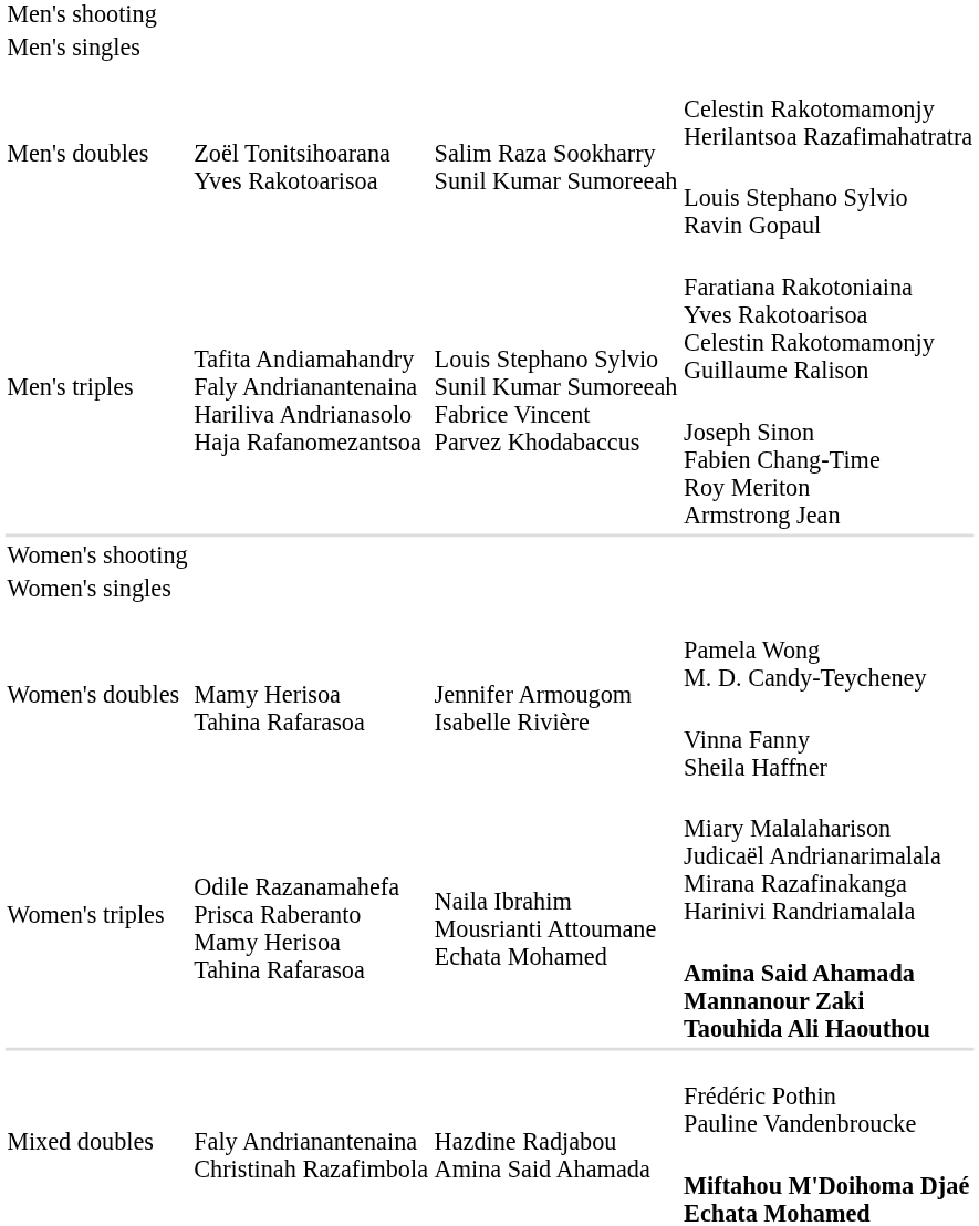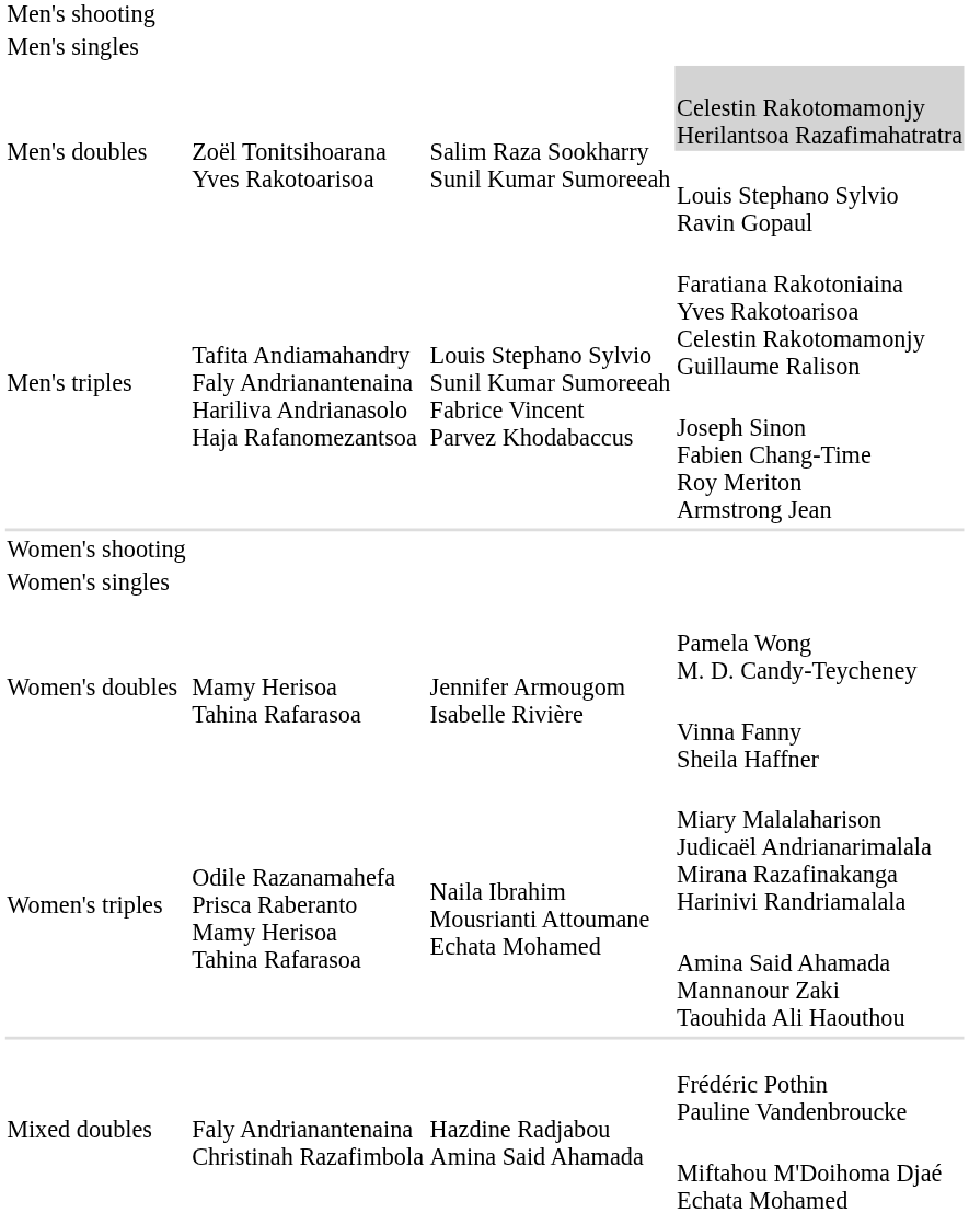 <table>
 <tr>
 <td rowspan=2>Men's shooting</td>
 <td rowspan=2></td>
 <td rowspan=2></td>
 <td></td>
 </tr>
 <tr>
 <td></td>
 </tr>
 <tr>
 <td rowspan=2>Men's singles</td>
 <td rowspan=2></td>
 <td rowspan=2></td>
 <td></td>
 </tr>
 <tr>
 <td></td>
 </tr>
 <tr>
 <td rowspan=2>Men's doubles</td>
 <td rowspan=2><br>Zoël Tonitsihoarana<br>Yves Rakotoarisoa</td>
 <td rowspan=2><br>Salim Raza Sookharry<br>Sunil Kumar Sumoreeah</td>
-<td nowrap><br>Celestin Rakotomamonjy<br>Herilantsoa Razafimahatratra</td>
+<td nowrap style="background: lightgrey;"><br>Celestin Rakotomamonjy<br>Herilantsoa Razafimahatratra</td>
 </tr>
 <tr>
 <td><br>Louis Stephano Sylvio<br>Ravin Gopaul</td>
 </tr>
 <tr>
 <td rowspan=2>Men's triples</td>
 <td rowspan=2><br>Tafita Andiamahandry<br>Faly Andrianantenaina<br>Hariliva Andrianasolo<br>Haja Rafanomezantsoa</td>
 <td rowspan=2><br>Louis Stephano Sylvio<br>Sunil Kumar Sumoreeah<br>Fabrice Vincent<br>Parvez Khodabaccus</td>
 <td><br>Faratiana Rakotoniaina<br>Yves Rakotoarisoa<br>Celestin Rakotomamonjy<br>Guillaume Ralison</td>
 </tr>
 <tr>
 <td><br>Joseph Sinon<br>Fabien Chang-Time<br>Roy Meriton<br>Armstrong Jean</td>
 </tr>
 <tr bgcolor=#dddddd>
 <td colspan=4></td>
 </tr>
 <tr>
 <td rowspan=2>Women's shooting</td>
 <td rowspan=2></td>
 <td rowspan=2 nowrap></td>
 <td></td>
 </tr>
 <tr>
 <td></td>
 </tr>
 <tr>
 <td rowspan=2>Women's singles</td>
 <td rowspan=2 nowrap></td>
 <td rowspan=2></td>
 <td></td>
 </tr>
 <tr>
 <td></td>
 </tr>
 <tr>
 <td rowspan=2>Women's doubles</td>
 <td rowspan=2><br>Mamy Herisoa<br>Tahina Rafarasoa</td>
 <td rowspan=2><br>Jennifer Armougom<br>Isabelle Rivière</td>
 <td><br>Pamela Wong<br>M. D. Candy-Teycheney</td>
 </tr>
 <tr>
 <td><br>Vinna Fanny<br>Sheila Haffner</td>
 </tr>
 <tr>
 <td rowspan=2>Women's triples</td>
 <td rowspan=2><br>Odile Razanamahefa<br>Prisca Raberanto<br>Mamy Herisoa<br>Tahina Rafarasoa</td>
 <td rowspan=2><br>Naila Ibrahim<br>Mousrianti Attoumane<br>Echata Mohamed</td>
 <td><br>Miary Malalaharison<br>Judicaël Andrianarimalala<br>Mirana Razafinakanga<br>Harinivi Randriamalala</td>
 </tr>
 <tr>
-<td><strong><br>Amina Said Ahamada<br>Mannanour Zaki<br>Taouhida Ali Haouthou</strong></td>
+<td><br>Amina Said Ahamada<br>Mannanour Zaki<br>Taouhida Ali Haouthou</td>
 </tr>
 <tr bgcolor=#dddddd>
 <td colspan=4></td>
 </tr>
 <tr>
 <td rowspan=2>Mixed doubles</td>
 <td rowspan=2><br>Faly Andrianantenaina<br>Christinah Razafimbola</td>
 <td rowspan=2><br>Hazdine Radjabou<br>Amina Said Ahamada</td>
 <td><br>Frédéric Pothin<br>Pauline Vandenbroucke</td>
 </tr>
 <tr>
-<td><strong><br>Miftahou M'Doihoma Djaé<br>Echata Mohamed</strong></td>
+<td><br>Miftahou M'Doihoma Djaé<br>Echata Mohamed</td>
 </tr>
 </table>
